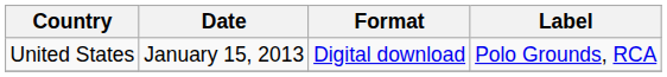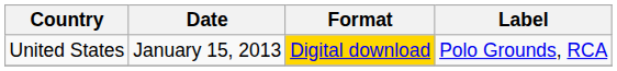 <table class="wikitable">
 <tr>
 <th>Country</th>
 <th>Date</th>
 <th>Format</th>
 <th>Label</th>
 </tr>
 <tr>
 <td>United States</td>
 <td>January 15, 2013</td>
-<td><a href='#'>Digital download</a></td>
+<td style="background: gold;"><a href='#'>Digital download</a></td>
 <td><a href='#'>Polo Grounds</a>, <a href='#'>RCA</a></td>
 </tr>
 <tr>
 </tr>
 </table>
